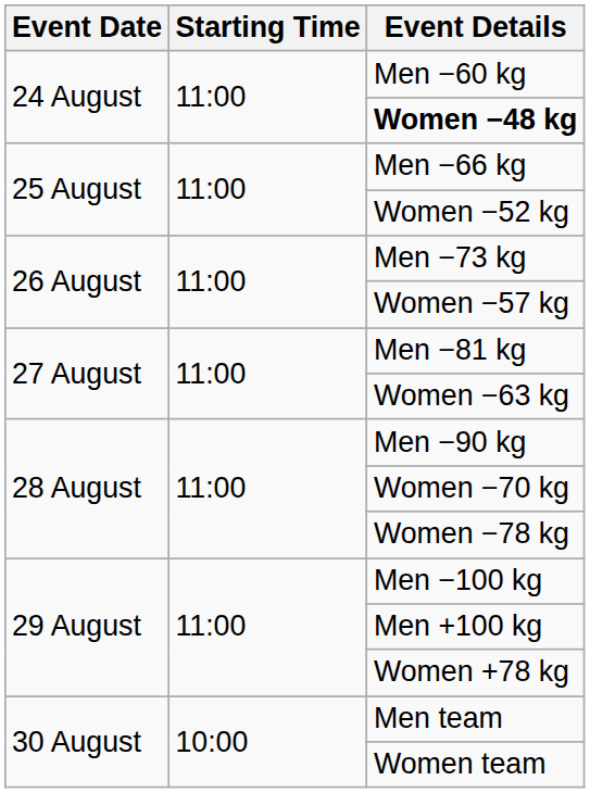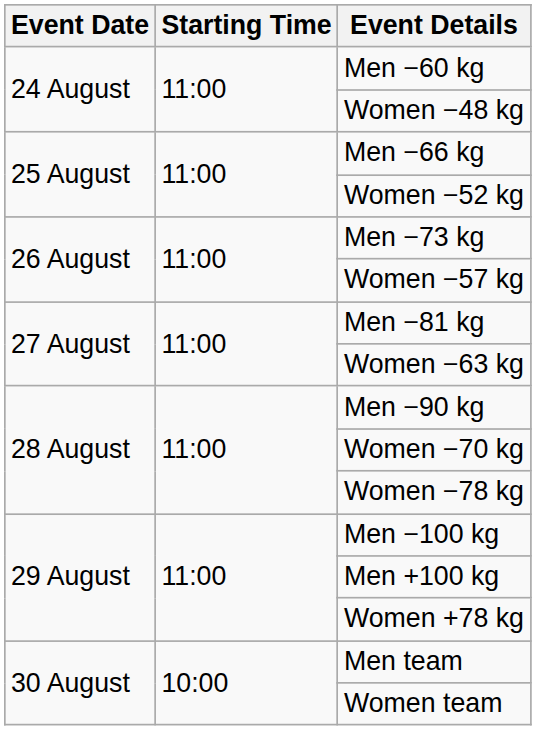 <table class="wikitable">
 <tr>
 <th>Event Date</th>
 <th>Starting Time</th>
 <th>Event Details</th>
 </tr>
 <tr>
 <td rowspan=2>24 August</td>
 <td rowspan=2>11:00</td>
 <td>Men −60 kg</td>
 </tr>
 <tr>
-<td><strong>Women −48 kg</strong></td>
+<td>Women −48 kg</td>
 </tr>
 <tr>
 <td rowspan=2>25 August</td>
 <td rowspan=2>11:00</td>
 <td>Men −66 kg</td>
 </tr>
 <tr>
 <td>Women −52 kg</td>
 </tr>
 <tr>
 <td rowspan=2>26 August</td>
 <td rowspan=2>11:00</td>
 <td>Men −73 kg</td>
 </tr>
 <tr>
 <td>Women −57 kg</td>
 </tr>
 <tr>
 <td rowspan=2>27 August</td>
 <td rowspan=2>11:00</td>
 <td>Men −81 kg</td>
 </tr>
 <tr>
 <td>Women −63 kg</td>
 </tr>
 <tr>
 <td rowspan=3>28 August</td>
 <td rowspan=3>11:00</td>
 <td>Men −90 kg</td>
 </tr>
 <tr>
 <td>Women −70 kg</td>
 </tr>
 <tr>
 <td>Women −78 kg</td>
 </tr>
 <tr>
 <td rowspan=3>29 August</td>
 <td rowspan=3>11:00</td>
 <td>Men −100 kg</td>
 </tr>
 <tr>
 <td>Men +100 kg</td>
 </tr>
 <tr>
 <td>Women +78 kg</td>
 </tr>
 <tr>
 <td rowspan=2>30 August</td>
 <td rowspan=2>10:00</td>
 <td>Men team</td>
 </tr>
 <tr>
 <td>Women team</td>
 </tr>
 </table>
